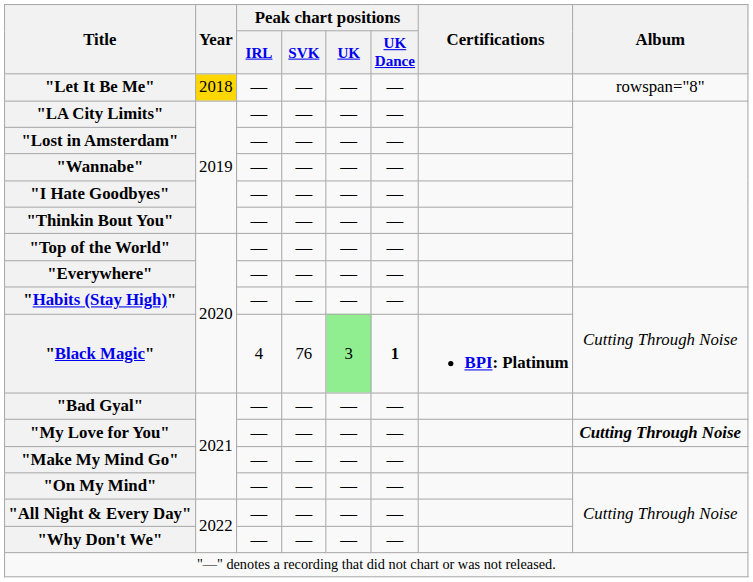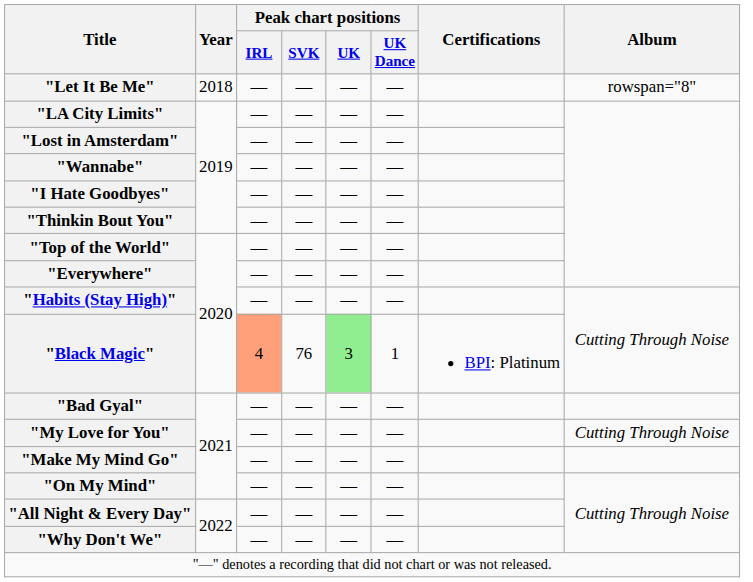 <table class="wikitable plainrowheaders" style="text-align:center;">
 <tr>
 <th scope="col" rowspan="2">Title</th>
 <th scope="col" rowspan="2">Year</th>
 <th scope="col" colspan="4">Peak chart positions</th>
 <th scope="col" rowspan="2">Certifications</th>
 <th scope="col" rowspan="2" style="width:10em;">Album</th>
 </tr>
 <tr>
 <th scope="col" style="width:2.5em;font-size:90%;"><a href='#'>IRL</a><br></th>
 <th scope="col" style="width:2.5em;font-size:90%;"><a href='#'>SVK</a><br></th>
 <th scope="col" style="width:2.5em;font-size:90%;"><a href='#'>UK</a><br></th>
 <th scope="col" style="width:2.5em;font-size:90%;"><a href='#'>UK Dance</a><br></th>
 </tr>
 <tr>
 <th scope="row">"Let It Be Me"<br> </th>
-<td style="background: gold;">2018</td>
+<td>2018</td>
 <td>—</td>
 <td>—</td>
 <td>—</td>
 <td>—</td>
 <td></td>
 <td>rowspan="8" </td>
 </tr>
 <tr>
 <th scope="row">"LA City Limits"<br> </th>
 <td rowspan="5">2019</td>
 <td>—</td>
 <td>—</td>
 <td>—</td>
 <td>—</td>
 <td></td>
 </tr>
 <tr>
 <th scope="row">"Lost in Amsterdam"<br></th>
 <td>—</td>
 <td>—</td>
 <td>—</td>
 <td>—</td>
 <td></td>
 </tr>
 <tr>
 <th scope="row">"Wannabe"</th>
 <td>—</td>
 <td>—</td>
 <td>—</td>
 <td>—</td>
 <td></td>
 </tr>
 <tr>
 <th scope="row">"I Hate Goodbyes"<br></th>
 <td>—</td>
 <td>—</td>
 <td>—</td>
 <td>—</td>
 <td></td>
 </tr>
 <tr>
 <th scope="row">"Thinkin Bout You"<br></th>
 <td>—</td>
 <td>—</td>
 <td>—</td>
 <td>—</td>
 <td></td>
 </tr>
 <tr>
 <th scope="row">"Top of the World"<br></th>
 <td rowspan="4">2020</td>
 <td>—</td>
 <td>—</td>
 <td>—</td>
 <td>—</td>
 <td></td>
 </tr>
 <tr>
 <th scope="row">"Everywhere"<br></th>
 <td>—</td>
 <td>—</td>
 <td>—</td>
 <td>—</td>
 <td></td>
 </tr>
 <tr>
 <th scope="row">"<a href='#'>Habits (Stay High)</a>"<br></th>
 <td>—</td>
 <td>—</td>
 <td>—</td>
 <td>—</td>
 <td></td>
 <td rowspan="2"><em>Cutting Through Noise</em></td>
 </tr>
 <tr>
 <th scope="row">"<a href='#'>Black Magic</a>"</th>
-<td>4</td>
+<td style="background: lightsalmon;">4</td>
 <td>76</td>
 <td style="background: lightgreen;">3</td>
-<td><strong>1</strong></td>
-<td><strong><br><ul><li><a href='#'>BPI</a>: Platinum</li></ul></strong></td>
+<td>1</td>
+<td><br><ul><li><a href='#'>BPI</a>: Platinum</li></ul></td>
 </tr>
 <tr>
 <th scope="row">"Bad Gyal"<br></th>
 <td rowspan="4">2021</td>
 <td>—</td>
 <td>—</td>
 <td>—</td>
 <td>—</td>
 <td></td>
 <td></td>
 </tr>
 <tr>
 <th scope="row">"My Love for You"</th>
 <td>—</td>
 <td>—</td>
 <td>—</td>
 <td>—</td>
 <td></td>
-<td><strong><em>Cutting Through Noise</em></strong></td>
+<td><em>Cutting Through Noise</em></td>
 </tr>
 <tr>
 <th scope="row">"Make My Mind Go" <br></th>
 <td>—</td>
 <td>—</td>
 <td>—</td>
 <td>—</td>
 <td></td>
 <td></td>
 </tr>
 <tr>
 <th scope="row">"On My Mind" <br></th>
 <td>—</td>
 <td>—</td>
 <td>—</td>
 <td>—</td>
 <td></td>
 <td rowspan="3"><em>Cutting Through Noise</em></td>
 </tr>
 <tr>
 <th scope="row">"All Night & Every Day" <br></th>
 <td rowspan="2">2022</td>
 <td>—</td>
 <td>—</td>
 <td>—</td>
 <td>—</td>
 <td></td>
 </tr>
 <tr>
 <th scope="row">"Why Don't We" <br></th>
 <td>—</td>
 <td>—</td>
 <td>—</td>
 <td>—</td>
 <td></td>
 </tr>
 <tr>
 <td colspan="8" style="font-size:85%">"—" denotes a recording that did not chart or was not released.</td>
 </tr>
 </table>
